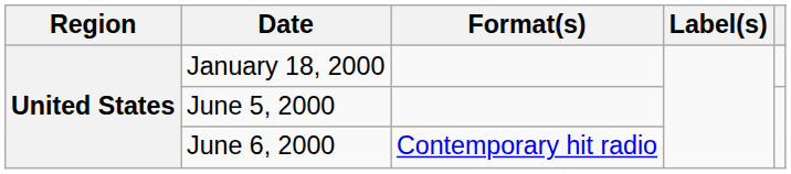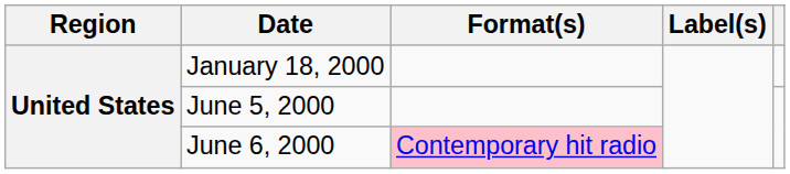 <table class="wikitable plainrowheaders">
 <tr>
 <th scope="col">Region</th>
 <th scope="col">Date</th>
 <th scope="col">Format(s)</th>
 <th scope="col">Label(s)</th>
 <th scope="col"></th>
 </tr>
 <tr>
 <th scope="row" rowspan="3">United States</th>
 <td>January 18, 2000</td>
 <td></td>
 <td rowspan="3"></td>
 <td align="center"></td>
 </tr>
 <tr>
 <td>June 5, 2000</td>
 <td></td>
 <td align="center" rowspan="2"></td>
 </tr>
 <tr>
 <td>June 6, 2000</td>
-<td><a href='#'>Contemporary hit radio</a></td>
+<td style="background: pink;"><a href='#'>Contemporary hit radio</a></td>
 </tr>
 </table>
